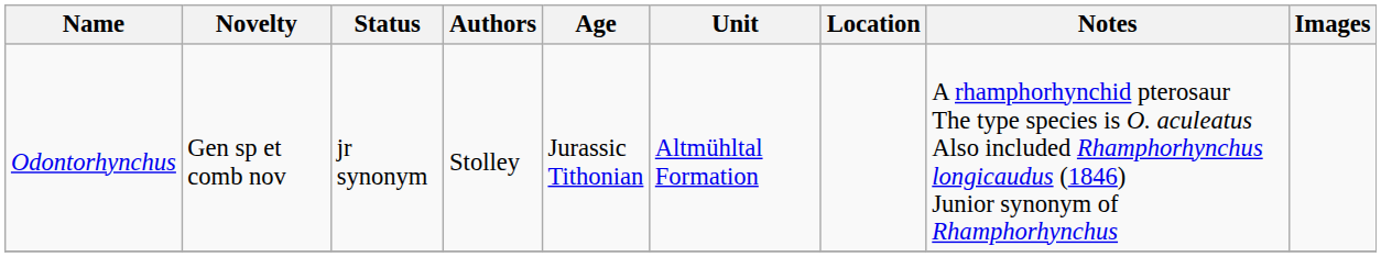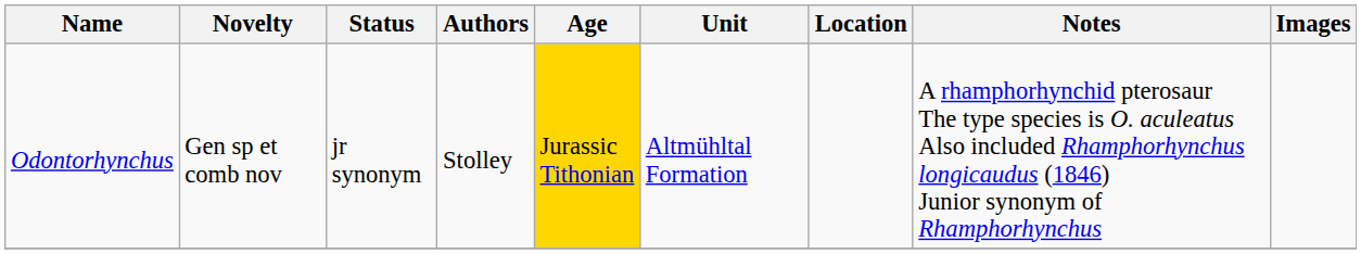 <table class="wikitable sortable" align="center" width="100%">
 <tr>
 <th>Name</th>
 <th>Novelty</th>
 <th>Status</th>
 <th>Authors</th>
 <th>Age</th>
 <th>Unit</th>
 <th>Location</th>
 <th>Notes</th>
 <th>Images</th>
 </tr>
 <tr>
 <td><br><em><a href='#'>Odontorhynchus</a></em></td>
 <td><br>Gen sp et comb nov</td>
 <td><br>jr synonym</td>
 <td><br>Stolley</td>
-<td><br>Jurassic<br><a href='#'>Tithonian</a></td>
+<td style="background: gold;"><br>Jurassic<br><a href='#'>Tithonian</a></td>
 <td><br><a href='#'>Altmühltal Formation</a></td>
 <td><br><br></td>
 <td><br>A <a href='#'>rhamphorhynchid</a> pterosaur<br> The type species is <em>O. aculeatus</em><br> Also included <em><a href='#'>Rhamphorhynchus longicaudus</a></em> (<a href='#'>1846</a>)<br>Junior synonym of <em><a href='#'>Rhamphorhynchus</a></em></td>
 <td><br></td>
 </tr>
 <tr>
 </tr>
 </table>
